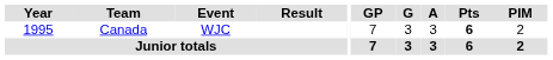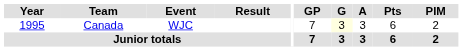 <table border="0" cellpadding="1" cellspacing="0" ID="Table3" style="text-align:center; width:40em">
 <tr ALIGN="center" bgcolor="#e0e0e0">
 <th>Year</th>
 <th>Team</th>
 <th>Event</th>
 <th>Result</th>
 <th rowspan="99" bgcolor="#ffffff"></th>
 <th>GP</th>
 <th>G</th>
 <th>A</th>
 <th>Pts</th>
 <th>PIM</th>
 </tr>
 <tr>
 <td><a href='#'>1995</a></td>
 <td><a href='#'>Canada</a></td>
 <td><a href='#'>WJC</a></td>
 <td></td>
 <td>7</td>
+<td style="background: lightyellow;">3</td>
 <td>3</td>
-<td>3</td>
-<td><strong>6</strong></td>
+<td>6</td>
 <td>2</td>
 </tr>
 <tr bgcolor="#e0e0e0">
 <th colspan="4">Junior totals</th>
 <th>7</th>
 <th>3</th>
 <th>3</th>
 <th>6</th>
 <th>2</th>
 </tr>
 </table>
